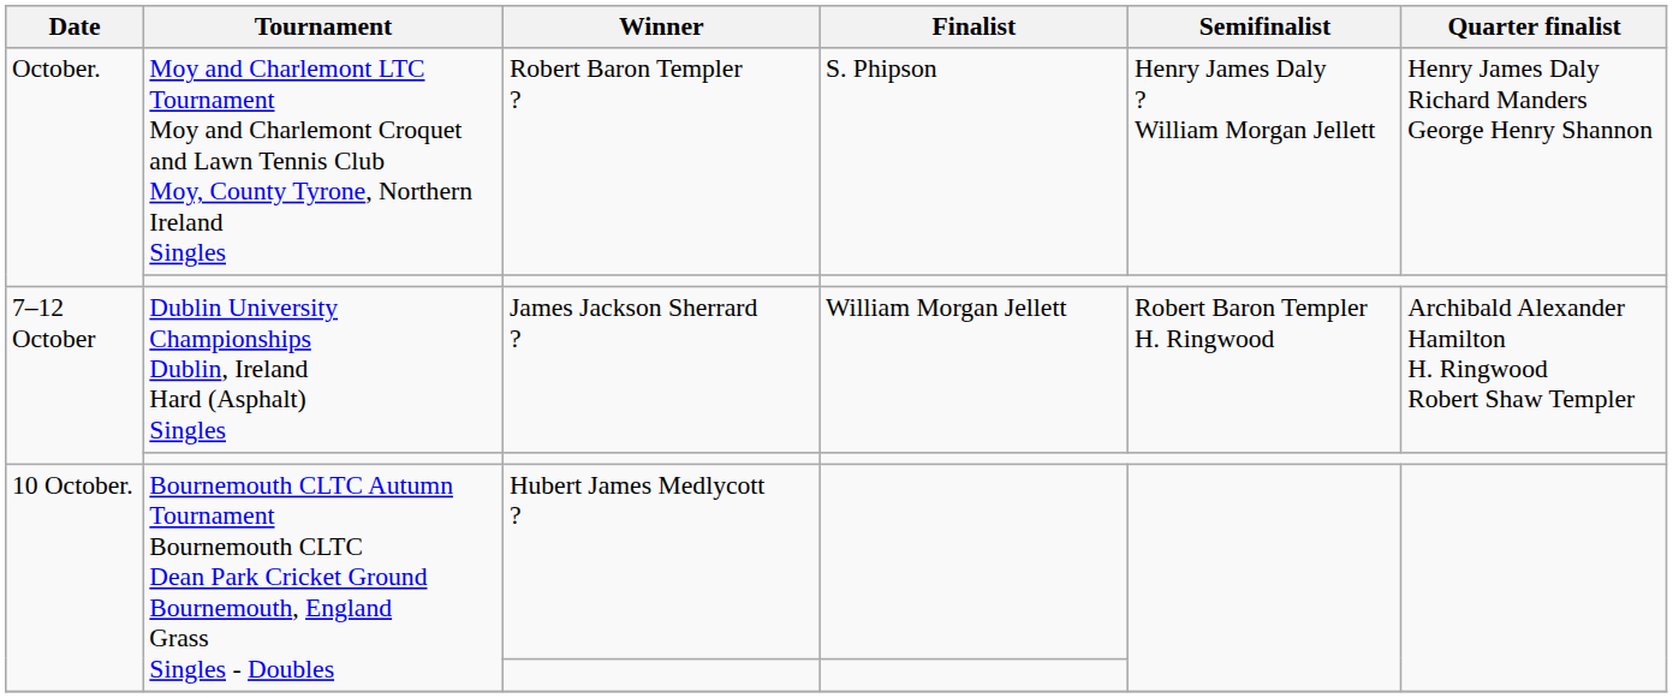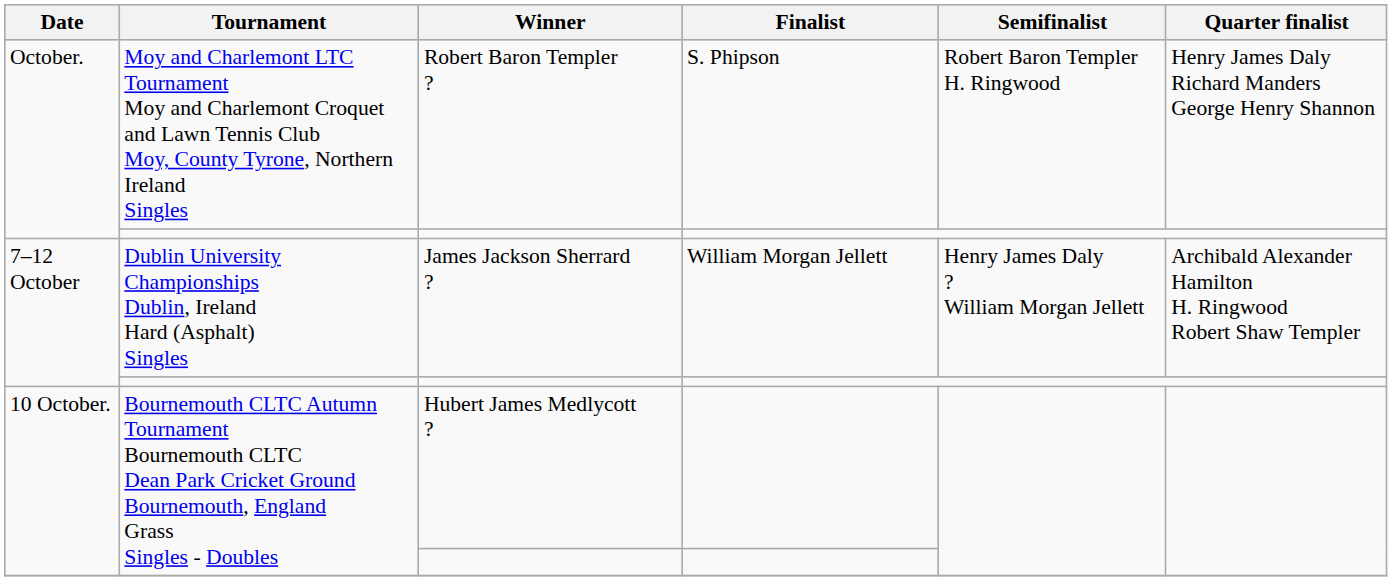 <table class="wikitable" style="font-size:85%;">
 <tr>
 <th width="75">Date</th>
 <th width="230">Tournament</th>
 <th width="210">Winner</th>
 <th width="210">Finalist</th>
 <th width="170">Semifinalist</th>
 <th width="170">Quarter finalist</th>
 </tr>
 <tr valign=top>
 <td rowspan=2>October.</td>
 <td><a href='#'>Moy and Charlemont LTC Tournament</a><br>Moy and Charlemont Croquet and Lawn Tennis Club<br><a href='#'>Moy, County Tyrone</a>, Northern Ireland<br><a href='#'>Singles</a></td>
 <td> Robert Baron Templer<br>?</td>
 <td> S. Phipson</td>
-<td> Henry James Daly<br>?<br>  William Morgan Jellett<br></td>
+<td> Robert Baron Templer<br>   H. Ringwood<br></td>
 <td> Henry James Daly <br>  Richard Manders<br>  George Henry Shannon<br></td>
 </tr>
 <tr valign=top>
 <td></td>
 <td></td>
 </tr>
 <tr valign=top>
 <td rowspan=2>7–12 October</td>
 <td><a href='#'>Dublin University Championships</a><br> <a href='#'>Dublin</a>, Ireland<br>Hard (Asphalt)<br><a href='#'>Singles</a></td>
 <td> James Jackson Sherrard<br>?</td>
 <td> William Morgan Jellett</td>
-<td> Robert Baron Templer<br>   H. Ringwood<br></td>
+<td> Henry James Daly<br>?<br>  William Morgan Jellett<br></td>
 <td> Archibald Alexander Hamilton <br>  H. Ringwood<br>  Robert Shaw Templer<br></td>
 </tr>
 <tr valign=top>
 <td></td>
 <td></td>
 </tr>
 <tr valign=top>
 <td rowspan=2>10 October.</td>
 <td rowspan=2><a href='#'>Bournemouth CLTC Autumn Tournament</a><br>Bournemouth CLTC<br><a href='#'>Dean Park Cricket Ground</a><br><a href='#'>Bournemouth</a>, <a href='#'>England</a><br>Grass<br><a href='#'>Singles</a> - <a href='#'>Doubles</a></td>
 <td> Hubert James Medlycott<br>?</td>
 <td></td>
 <td rowspan=2></td>
 <td rowspan=2></td>
 </tr>
 <tr valign=top>
 <td></td>
 <td></td>
 </tr>
 <tr valign=top>
 </tr>
 </table>
